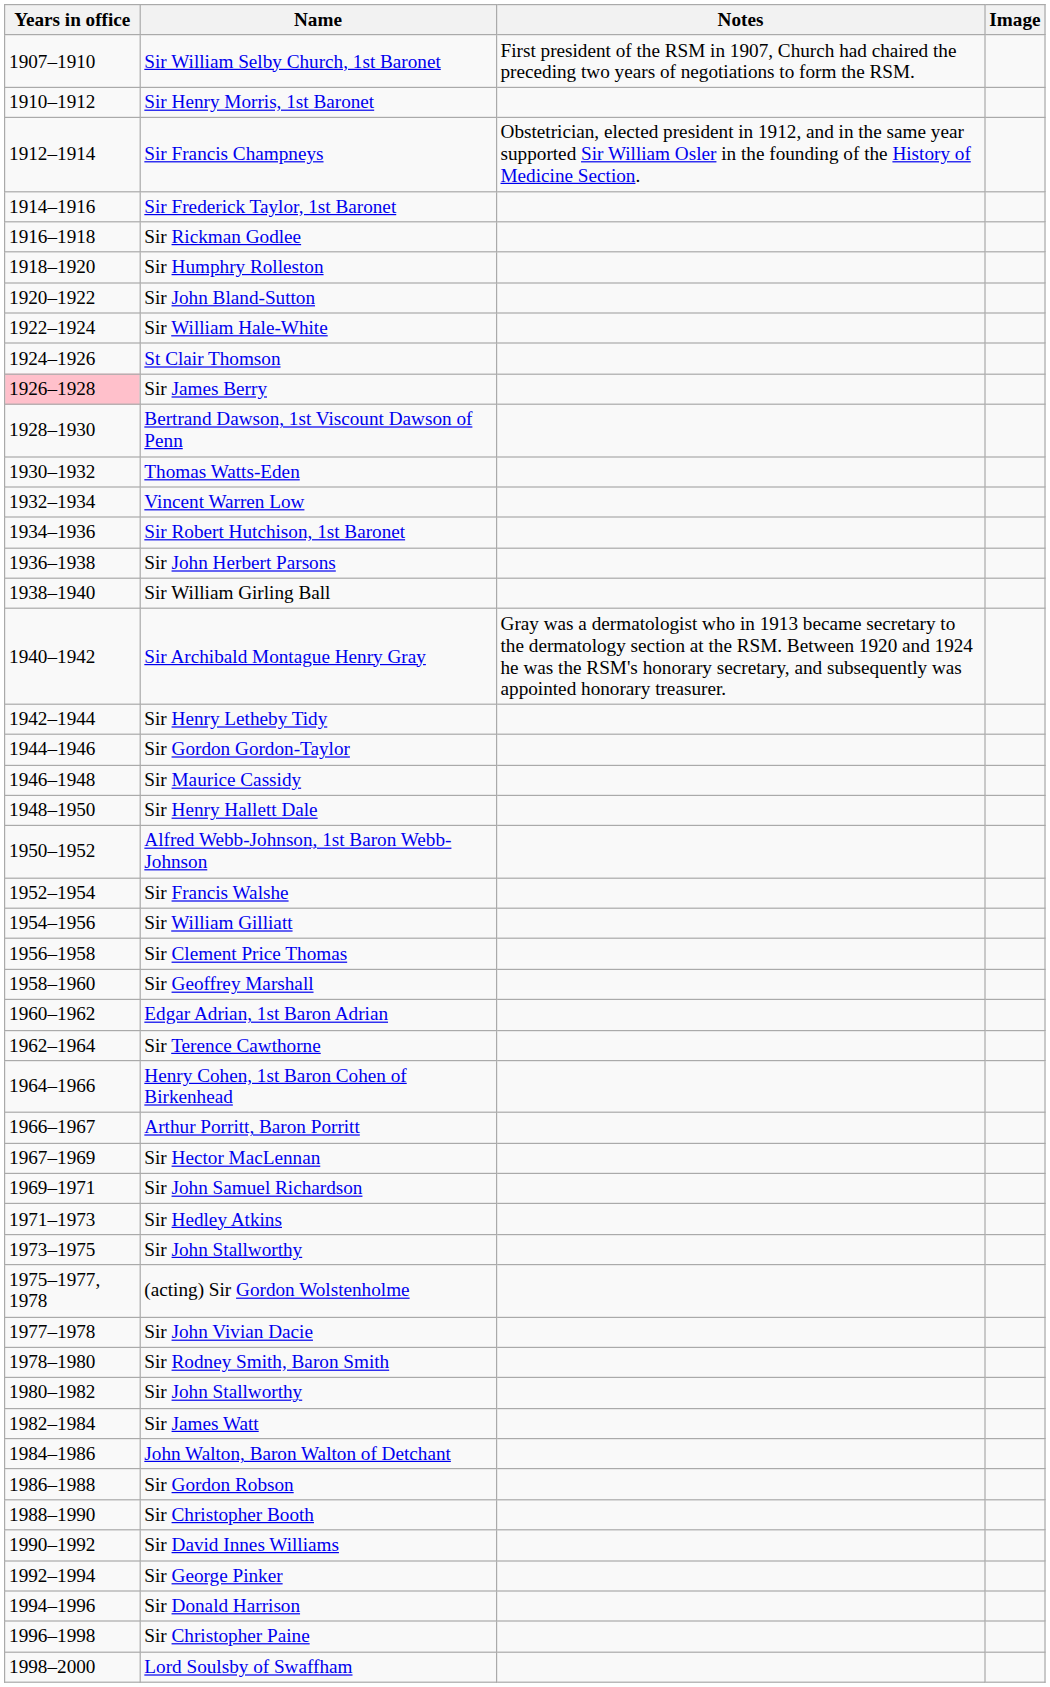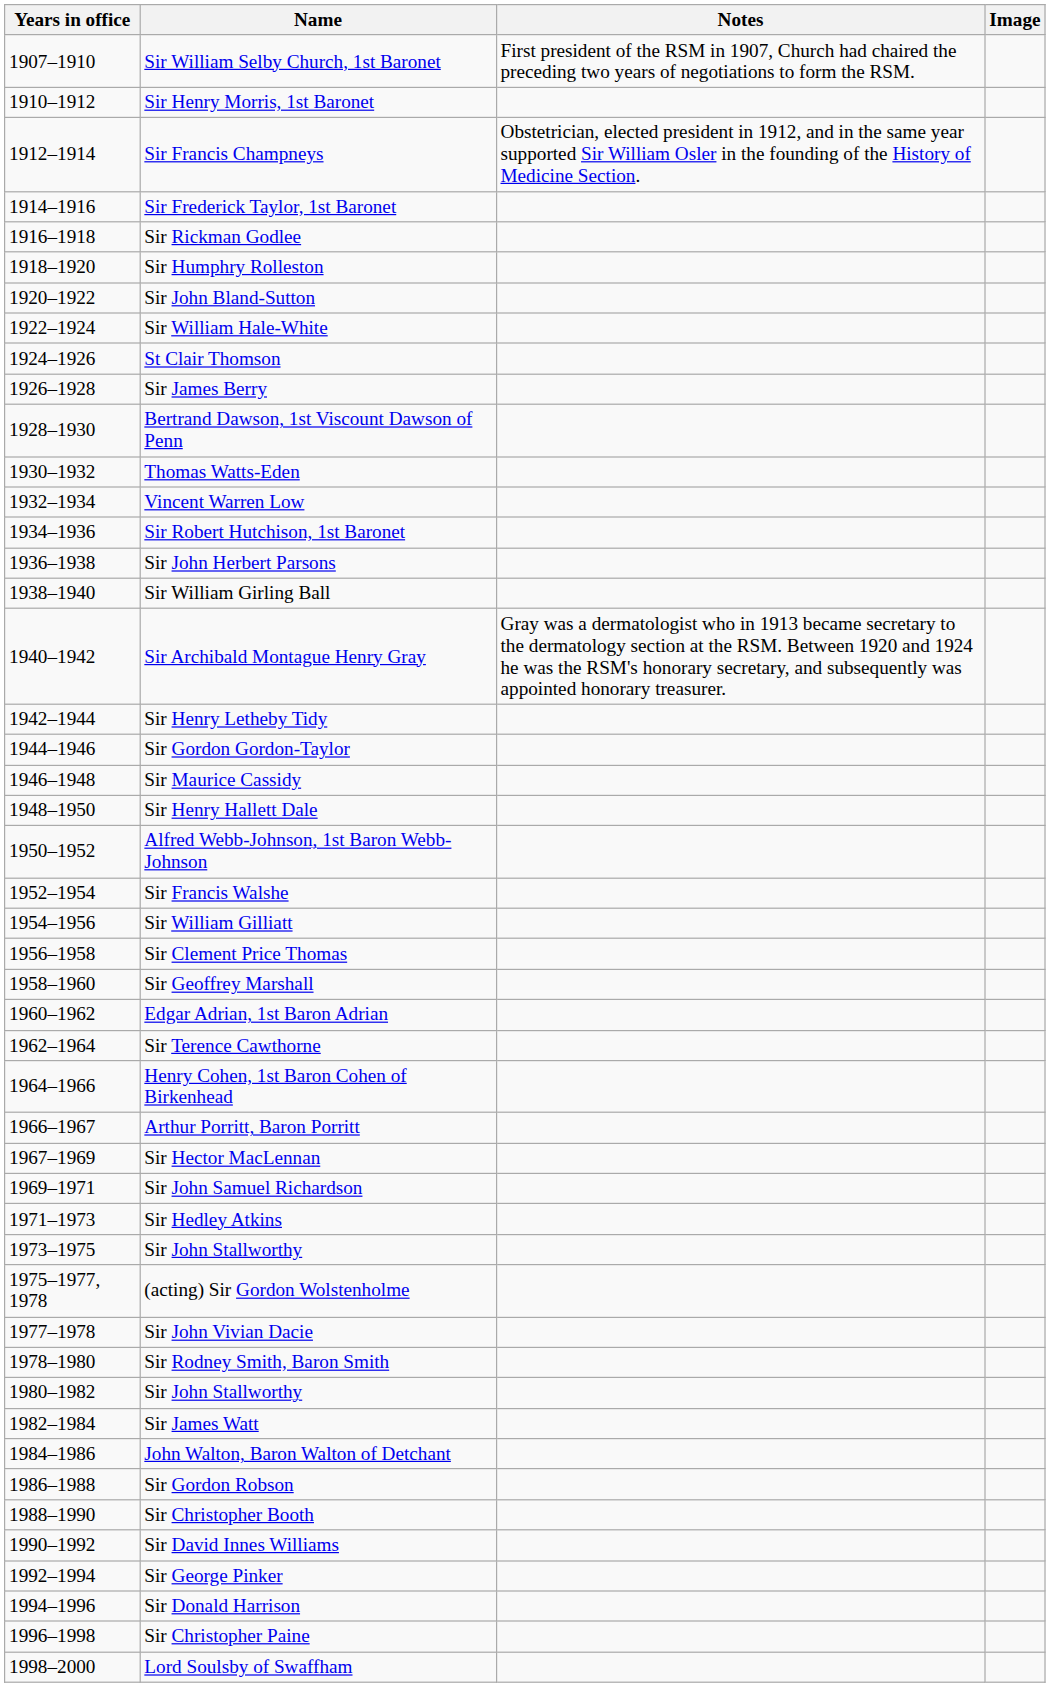 <table class="wikitable">
 <tr>
 <th>Years in office</th>
 <th>Name</th>
 <th width=400px>Notes</th>
 <th>Image</th>
 </tr>
 <tr>
 <td>1907–1910</td>
 <td><a href='#'>Sir William Selby Church, 1st Baronet</a></td>
 <td>First president of the RSM in 1907, Church had chaired the preceding two years of negotiations to form the RSM.</td>
 <td></td>
 </tr>
 <tr>
 <td>1910–1912</td>
 <td><a href='#'>Sir Henry Morris, 1st Baronet</a></td>
 <td></td>
 <td></td>
 </tr>
 <tr>
 <td>1912–1914</td>
 <td><a href='#'>Sir Francis Champneys</a></td>
 <td>Obstetrician, elected president in 1912, and in the same year supported <a href='#'>Sir William Osler</a> in the founding of the <a href='#'>History of Medicine Section</a>.</td>
 <td></td>
 </tr>
 <tr>
 <td>1914–1916</td>
 <td><a href='#'>Sir Frederick Taylor, 1st Baronet</a></td>
 <td></td>
 <td></td>
 </tr>
 <tr>
 <td>1916–1918</td>
 <td>Sir <a href='#'>Rickman Godlee</a></td>
 <td></td>
 <td></td>
 </tr>
 <tr>
 <td>1918–1920</td>
 <td>Sir <a href='#'>Humphry Rolleston</a></td>
 <td></td>
 <td></td>
 </tr>
 <tr>
 <td>1920–1922</td>
 <td>Sir <a href='#'>John Bland-Sutton</a></td>
 <td></td>
 <td></td>
 </tr>
 <tr>
 <td>1922–1924</td>
 <td>Sir <a href='#'>William Hale-White</a></td>
 <td></td>
 <td></td>
 </tr>
 <tr>
 <td>1924–1926</td>
 <td><a href='#'>St Clair Thomson</a></td>
 <td></td>
 <td></td>
 </tr>
 <tr>
-<td style="background: pink;">1926–1928</td>
+<td>1926–1928</td>
 <td>Sir <a href='#'>James Berry</a></td>
 <td></td>
 <td></td>
 </tr>
 <tr>
 <td>1928–1930</td>
 <td><a href='#'>Bertrand Dawson, 1st Viscount Dawson of Penn</a></td>
 <td></td>
 <td></td>
 </tr>
 <tr>
 <td>1930–1932</td>
 <td><a href='#'>Thomas Watts-Eden</a></td>
 <td></td>
 <td></td>
 </tr>
 <tr>
 <td>1932–1934</td>
 <td><a href='#'>Vincent Warren Low</a></td>
 <td></td>
 <td></td>
 </tr>
 <tr>
 <td>1934–1936</td>
 <td><a href='#'>Sir Robert Hutchison, 1st Baronet</a></td>
 <td></td>
 <td></td>
 </tr>
 <tr>
 <td>1936–1938</td>
 <td>Sir <a href='#'>John Herbert Parsons</a></td>
 <td></td>
 <td></td>
 </tr>
 <tr>
 <td>1938–1940</td>
 <td>Sir William Girling Ball</td>
 <td></td>
 <td></td>
 </tr>
 <tr>
 <td>1940–1942</td>
 <td><a href='#'>Sir Archibald Montague Henry Gray</a></td>
 <td>Gray was a dermatologist who in 1913 became secretary to the dermatology section at the RSM. Between 1920 and 1924 he was the RSM's honorary secretary, and subsequently was appointed honorary treasurer.</td>
 <td></td>
 </tr>
 <tr>
 <td>1942–1944</td>
 <td>Sir <a href='#'>Henry Letheby Tidy</a></td>
 <td></td>
 <td></td>
 </tr>
 <tr>
 <td>1944–1946</td>
 <td>Sir <a href='#'>Gordon Gordon-Taylor</a></td>
 <td></td>
 <td></td>
 </tr>
 <tr>
 <td>1946–1948</td>
 <td>Sir <a href='#'>Maurice Cassidy</a></td>
 <td></td>
 <td></td>
 </tr>
 <tr>
 <td>1948–1950</td>
 <td>Sir <a href='#'>Henry Hallett Dale</a></td>
 <td></td>
 <td></td>
 </tr>
 <tr>
 <td>1950–1952</td>
 <td><a href='#'>Alfred Webb-Johnson, 1st Baron Webb-Johnson</a></td>
 <td></td>
 <td></td>
 </tr>
 <tr>
 <td>1952–1954</td>
 <td>Sir <a href='#'>Francis Walshe</a></td>
 <td></td>
 <td></td>
 </tr>
 <tr>
 <td>1954–1956</td>
 <td>Sir <a href='#'>William Gilliatt</a></td>
 <td></td>
 <td></td>
 </tr>
 <tr>
 <td>1956–1958</td>
 <td>Sir <a href='#'>Clement Price Thomas</a></td>
 <td></td>
 <td></td>
 </tr>
 <tr>
 <td>1958–1960</td>
 <td>Sir <a href='#'>Geoffrey Marshall</a></td>
 <td></td>
 <td></td>
 </tr>
 <tr>
 <td>1960–1962</td>
 <td><a href='#'>Edgar Adrian, 1st Baron Adrian</a></td>
 <td></td>
 <td></td>
 </tr>
 <tr>
 <td>1962–1964</td>
 <td>Sir <a href='#'>Terence Cawthorne</a></td>
 <td></td>
 <td></td>
 </tr>
 <tr>
 <td>1964–1966</td>
 <td><a href='#'>Henry Cohen, 1st Baron Cohen of Birkenhead</a></td>
 <td></td>
 <td></td>
 </tr>
 <tr>
 <td>1966–1967</td>
 <td><a href='#'>Arthur Porritt, Baron Porritt</a></td>
 <td></td>
 <td></td>
 </tr>
 <tr>
 <td>1967–1969</td>
 <td>Sir <a href='#'>Hector MacLennan</a></td>
 <td></td>
 <td></td>
 </tr>
 <tr>
 <td>1969–1971</td>
 <td>Sir <a href='#'>John Samuel Richardson</a></td>
 <td></td>
 <td></td>
 </tr>
 <tr>
 <td>1971–1973</td>
 <td>Sir <a href='#'>Hedley Atkins</a></td>
 <td></td>
 <td></td>
 </tr>
 <tr>
 <td>1973–1975</td>
 <td>Sir <a href='#'>John Stallworthy</a></td>
 <td></td>
 <td></td>
 </tr>
 <tr>
 <td>1975–1977, 1978</td>
 <td>(acting) Sir <a href='#'>Gordon Wolstenholme</a></td>
 <td></td>
 <td></td>
 </tr>
 <tr>
 <td>1977–1978</td>
 <td>Sir <a href='#'>John Vivian Dacie</a></td>
 <td></td>
 <td></td>
 </tr>
 <tr>
 <td>1978–1980</td>
 <td>Sir <a href='#'>Rodney Smith, Baron Smith</a></td>
 <td></td>
 <td></td>
 </tr>
 <tr>
 <td>1980–1982</td>
 <td>Sir <a href='#'>John Stallworthy</a></td>
 <td></td>
 <td></td>
 </tr>
 <tr>
 <td>1982–1984</td>
 <td>Sir <a href='#'>James Watt</a></td>
 <td></td>
 <td></td>
 </tr>
 <tr>
 <td>1984–1986</td>
 <td><a href='#'>John Walton, Baron Walton of Detchant</a></td>
 <td></td>
 <td></td>
 </tr>
 <tr>
 <td>1986–1988</td>
 <td>Sir <a href='#'>Gordon Robson</a></td>
 <td></td>
 <td></td>
 </tr>
 <tr>
 <td>1988–1990</td>
 <td>Sir <a href='#'>Christopher Booth</a></td>
 <td></td>
 <td></td>
 </tr>
 <tr>
 <td>1990–1992</td>
 <td>Sir <a href='#'>David Innes Williams</a></td>
 <td></td>
 <td></td>
 </tr>
 <tr>
 <td>1992–1994</td>
 <td>Sir <a href='#'>George Pinker</a></td>
 <td></td>
 <td></td>
 </tr>
 <tr>
 <td>1994–1996</td>
 <td>Sir <a href='#'>Donald Harrison</a></td>
 <td></td>
 <td></td>
 </tr>
 <tr>
 <td>1996–1998</td>
 <td>Sir <a href='#'>Christopher Paine</a></td>
 <td></td>
 <td></td>
 </tr>
 <tr>
 <td>1998–2000</td>
 <td><a href='#'>Lord Soulsby of Swaffham</a></td>
 <td></td>
 <td></td>
 </tr>
 </table>
